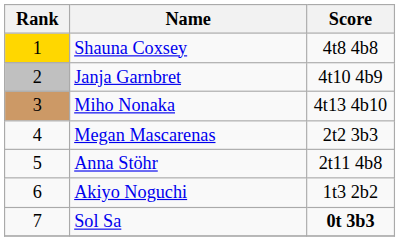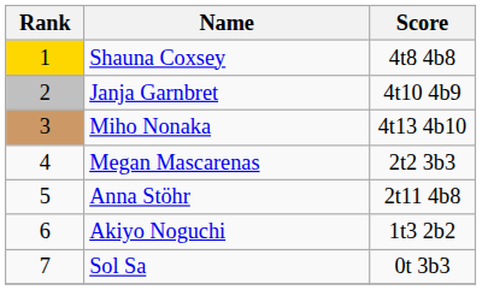 <table class="wikitable">
 <tr>
 <th width = "50">Rank</th>
 <th width = "200">Name</th>
 <th width = "70">Score</th>
 </tr>
 <tr>
 <td align="center" style="background: gold">1</td>
 <td> <a href='#'>Shauna Coxsey</a></td>
 <td align="center">4t8 4b8</td>
 </tr>
 <tr>
 <td align="center" style="background: silver">2</td>
 <td> <a href='#'>Janja Garnbret</a></td>
 <td align="center">4t10 4b9</td>
 </tr>
 <tr>
 <td align="center" style="background: #cc9966">3</td>
 <td> <a href='#'>Miho Nonaka</a></td>
 <td align="center">4t13 4b10</td>
 </tr>
 <tr>
 <td align="center">4</td>
 <td> <a href='#'>Megan Mascarenas</a></td>
 <td align="center">2t2 3b3</td>
 </tr>
 <tr>
 <td align="center">5</td>
 <td> <a href='#'>Anna Stöhr</a></td>
 <td align="center">2t11 4b8</td>
 </tr>
 <tr>
 <td align="center">6</td>
 <td> <a href='#'>Akiyo Noguchi</a></td>
 <td align="center">1t3 2b2</td>
 </tr>
 <tr>
 <td align="center">7</td>
 <td> <a href='#'>Sol Sa</a></td>
-<td align="center"><strong>0t 3b3</strong></td>
+<td align="center">0t 3b3</td>
 </tr>
 <tr>
 </tr>
 </table>
